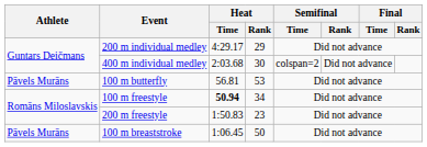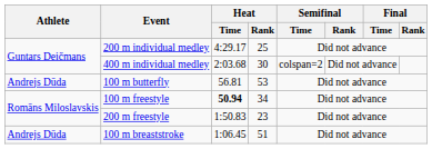 <table class=wikitable style="font-size:90%">
 <tr>
 <th rowspan="2">Athlete</th>
 <th rowspan="2">Event</th>
 <th colspan="2">Heat</th>
 <th colspan="2">Semifinal</th>
 <th colspan="2">Final</th>
 </tr>
 <tr style="font-size:95%">
 <th>Time</th>
 <th>Rank</th>
 <th>Time</th>
 <th>Rank</th>
 <th>Time</th>
 <th>Rank</th>
 </tr>
 <tr align=center>
 <td align=left rowspan=2><a href='#'>Guntars Deičmans</a></td>
 <td align=left><a href='#'>200 m individual medley</a></td>
 <td>4:29.17</td>
-<td>29</td>
+<td>25</td>
 <td colspan=4>Did not advance</td>
 </tr>
 <tr align=center>
 <td align=left><a href='#'>400 m individual medley</a></td>
 <td>2:03.68</td>
 <td>30</td>
 <td>colspan=2 </td>
 <td colspan=2>Did not advance</td>
 </tr>
 <tr align=center>
-<td align=left><a href='#'>Pāvels Murāns</a></td>
+<td align=left><a href='#'>Andrejs Dūda</a></td>
 <td align=left><a href='#'>100 m butterfly</a></td>
 <td>56.81</td>
 <td>53</td>
 <td colspan=4>Did not advance</td>
 </tr>
 <tr align=center>
 <td align=left rowspan=2><a href='#'>Romāns Miloslavskis</a></td>
 <td align=left><a href='#'>100 m freestyle</a></td>
 <td><strong>50.94</strong></td>
 <td>34</td>
 <td colspan=4>Did not advance</td>
 </tr>
 <tr align=center>
 <td align=left><a href='#'>200 m freestyle</a></td>
 <td>1:50.83</td>
 <td>23</td>
 <td colspan=4>Did not advance</td>
 </tr>
 <tr align=center>
-<td align=left><a href='#'>Pāvels Murāns</a></td>
+<td align=left><a href='#'>Andrejs Dūda</a></td>
 <td align=left><a href='#'>100 m breaststroke</a></td>
 <td>1:06.45</td>
-<td>50</td>
+<td>51</td>
 <td colspan=4>Did not advance</td>
 </tr>
 </table>
